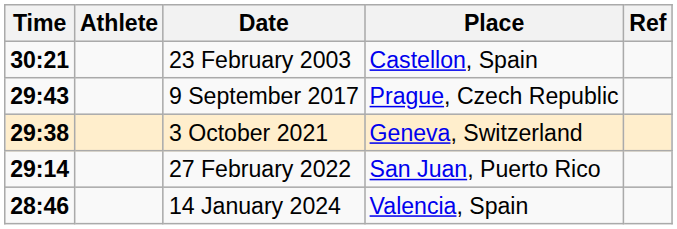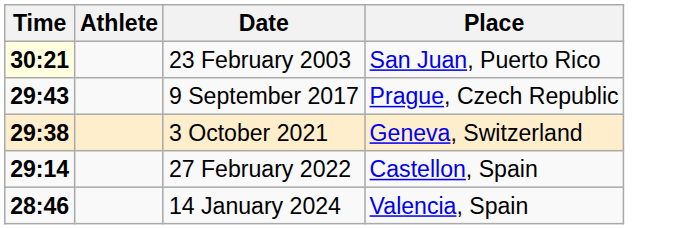 <table class="wikitable" style="font-size:95%">
 <tr>
 <th>Time</th>
 <th>Athlete</th>
 <th>Date</th>
 <th>Place</th>
-<th>Ref</th>
 </tr>
 <tr>
-<td align=center><strong>30:21</strong></td>
+<td align=center style="background: lightyellow;"><strong>30:21</strong></td>
 <td></td>
 <td>23 February 2003</td>
-<td><a href='#'>Castellon</a>, Spain</td>
-<td></td>
+<td><a href='#'>San Juan</a>, Puerto Rico</td>
 </tr>
 <tr>
 <td align=center><strong>29:43</strong></td>
 <td></td>
 <td>9 September 2017</td>
 <td><a href='#'>Prague</a>, Czech Republic</td>
-<td></td>
 </tr>
 <tr style="background: #fec">
 <td align=center><strong>29:38</strong></td>
 <td></td>
 <td>3 October 2021</td>
 <td><a href='#'>Geneva</a>, Switzerland</td>
-<td></td>
 </tr>
 <tr>
 <td align=center><strong>29:14</strong></td>
 <td></td>
 <td>27 February 2022</td>
-<td><a href='#'>San Juan</a>, Puerto Rico</td>
-<td></td>
+<td><a href='#'>Castellon</a>, Spain</td>
 </tr>
 <tr>
 <td align=center><strong>28:46</strong></td>
 <td></td>
 <td>14 January 2024</td>
 <td><a href='#'>Valencia</a>, Spain</td>
-<td></td>
 </tr>
 </table>
